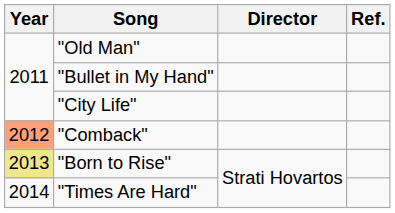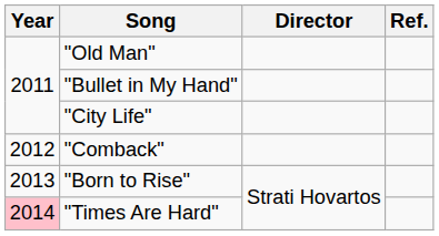 <table class="wikitable">
 <tr>
 <th>Year</th>
 <th>Song</th>
 <th>Director</th>
 <th>Ref.</th>
 </tr>
 <tr>
 <td style="text-align:center;" rowspan="3">2011</td>
 <td>"Old Man"</td>
 <td></td>
 <td></td>
 </tr>
 <tr>
 <td>"Bullet in My Hand"</td>
 <td></td>
 <td></td>
 </tr>
 <tr>
 <td>"City Life"</td>
 <td></td>
 <td></td>
 </tr>
 <tr>
-<td style="background: lightsalmon;">2012</td>
+<td>2012</td>
 <td>"Comback"</td>
 <td></td>
 <td></td>
 </tr>
 <tr>
-<td style="background: khaki;">2013</td>
+<td>2013</td>
 <td>"Born to Rise"</td>
 <td rowspan="2">Strati Hovartos</td>
 <td></td>
 </tr>
 <tr>
-<td>2014</td>
+<td style="background: pink;">2014</td>
 <td>"Times Are Hard"</td>
 <td></td>
 </tr>
 </table>
